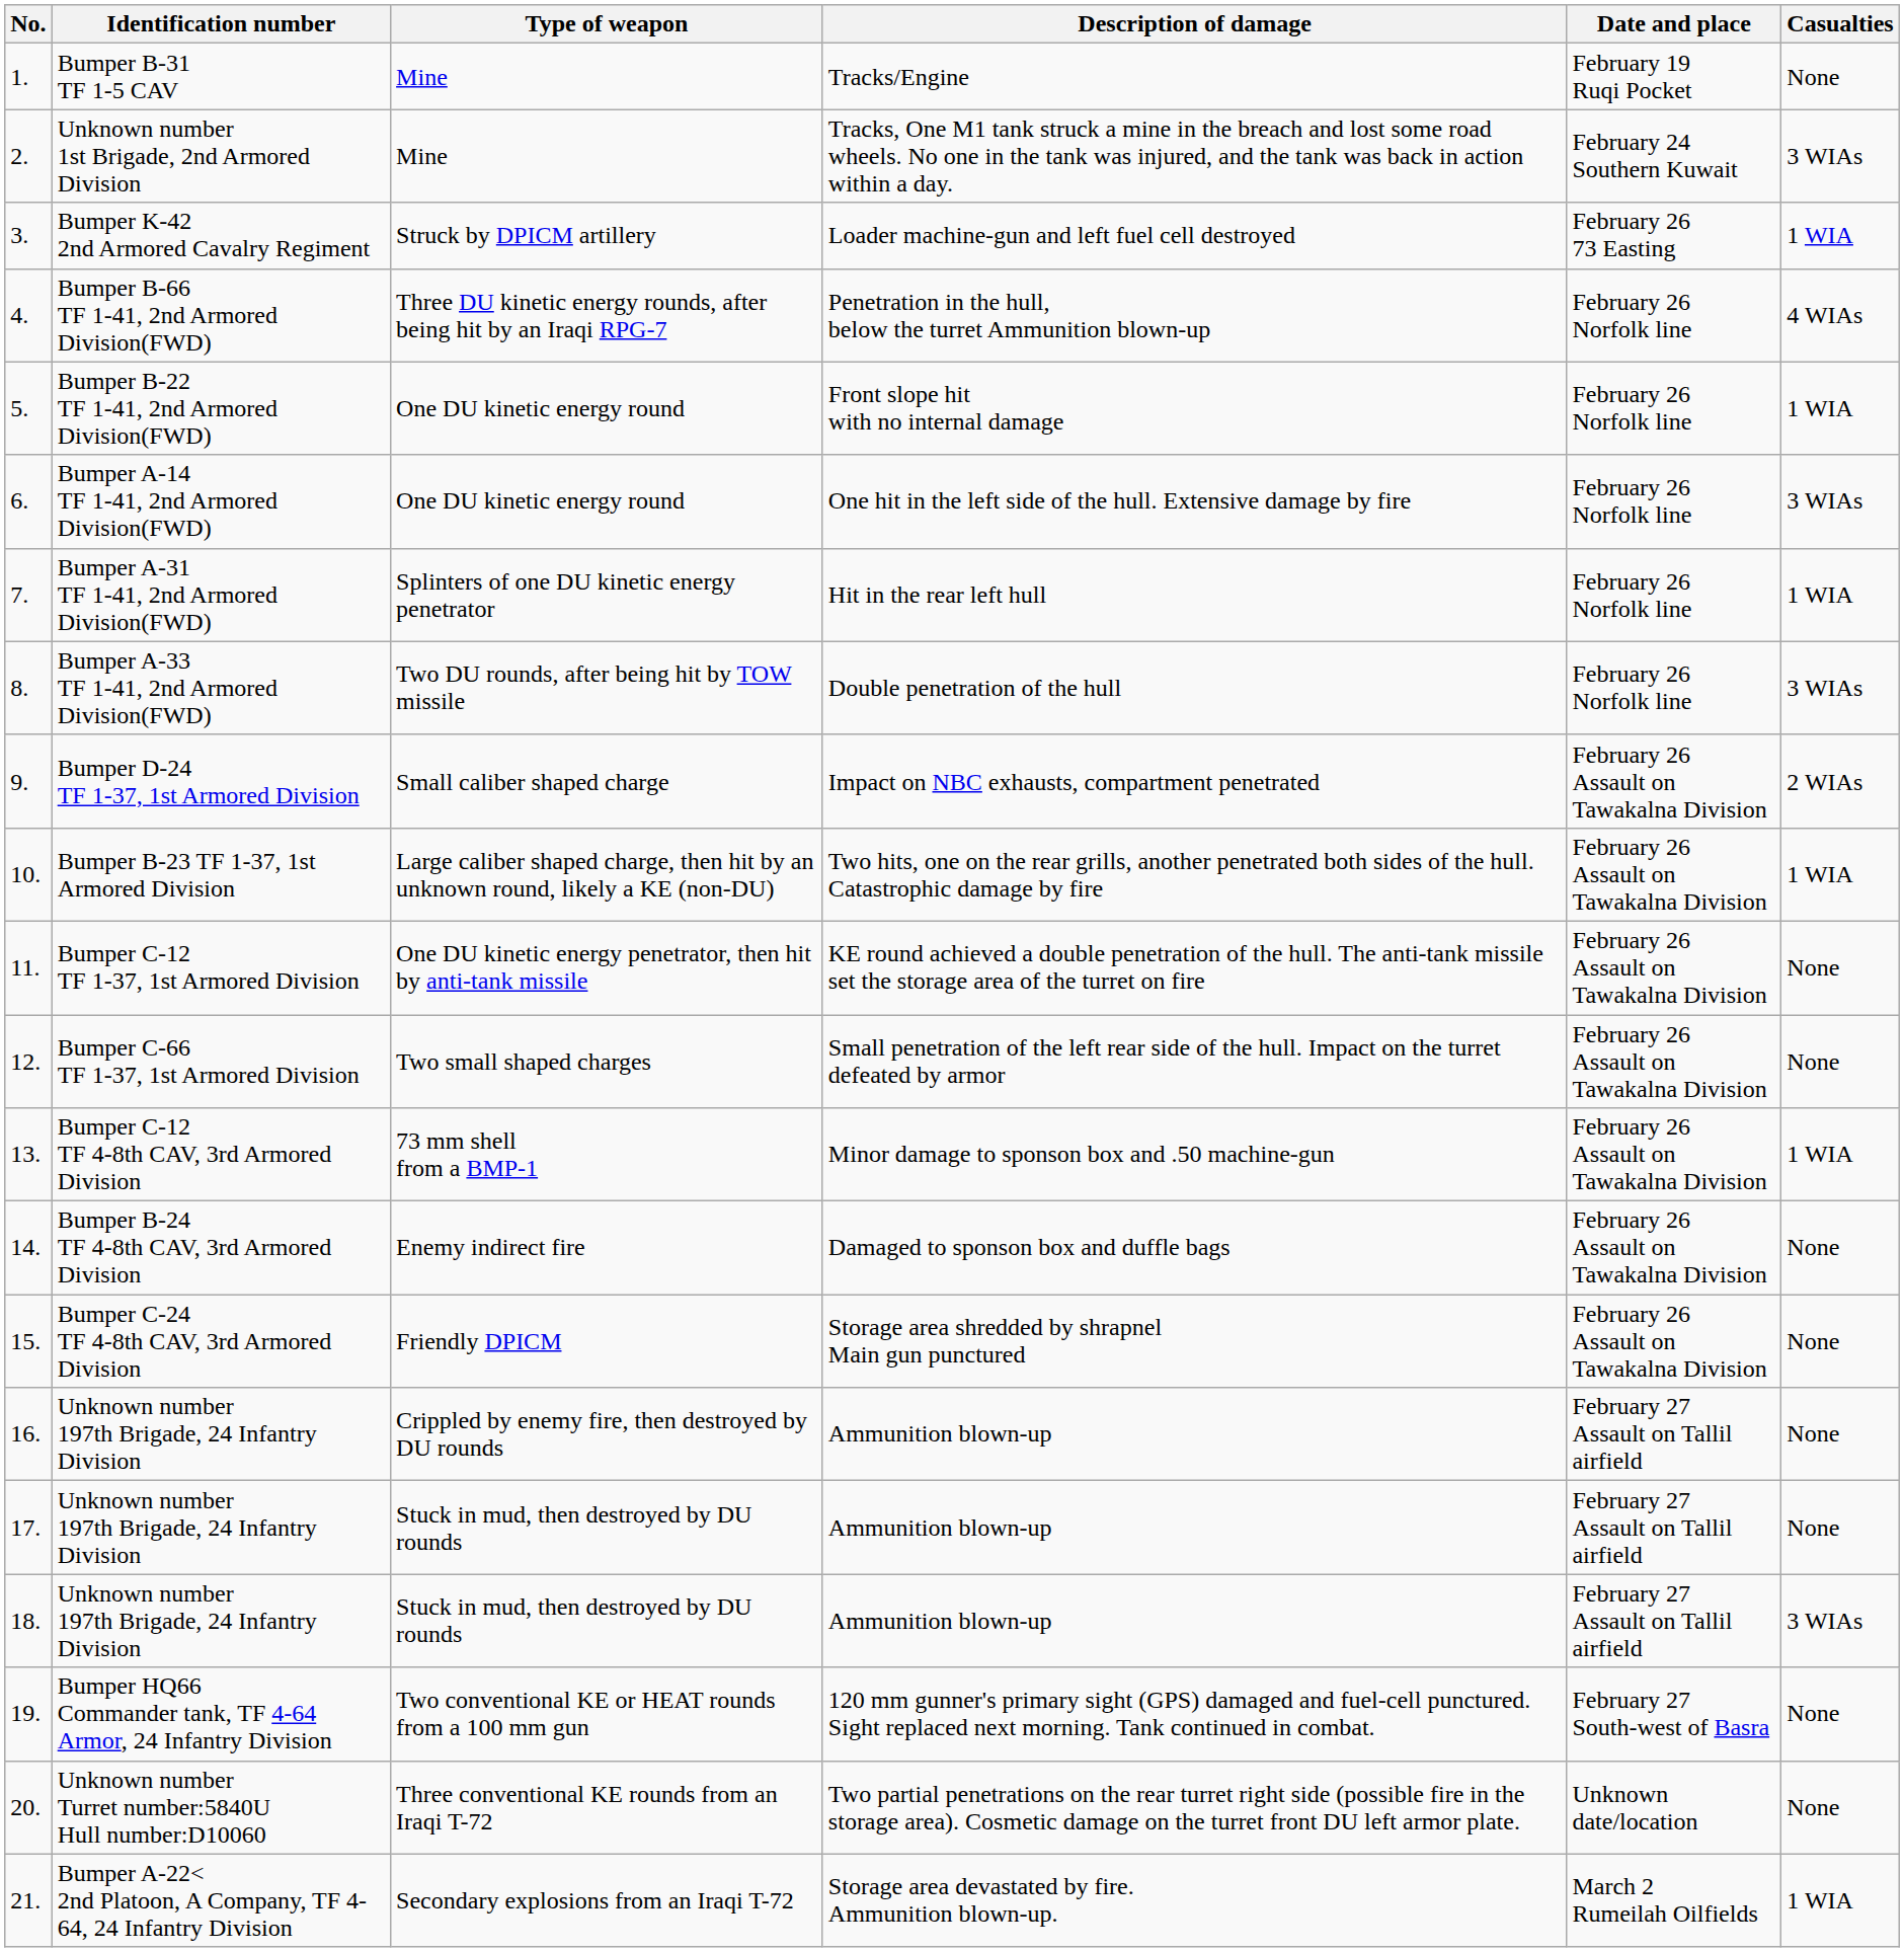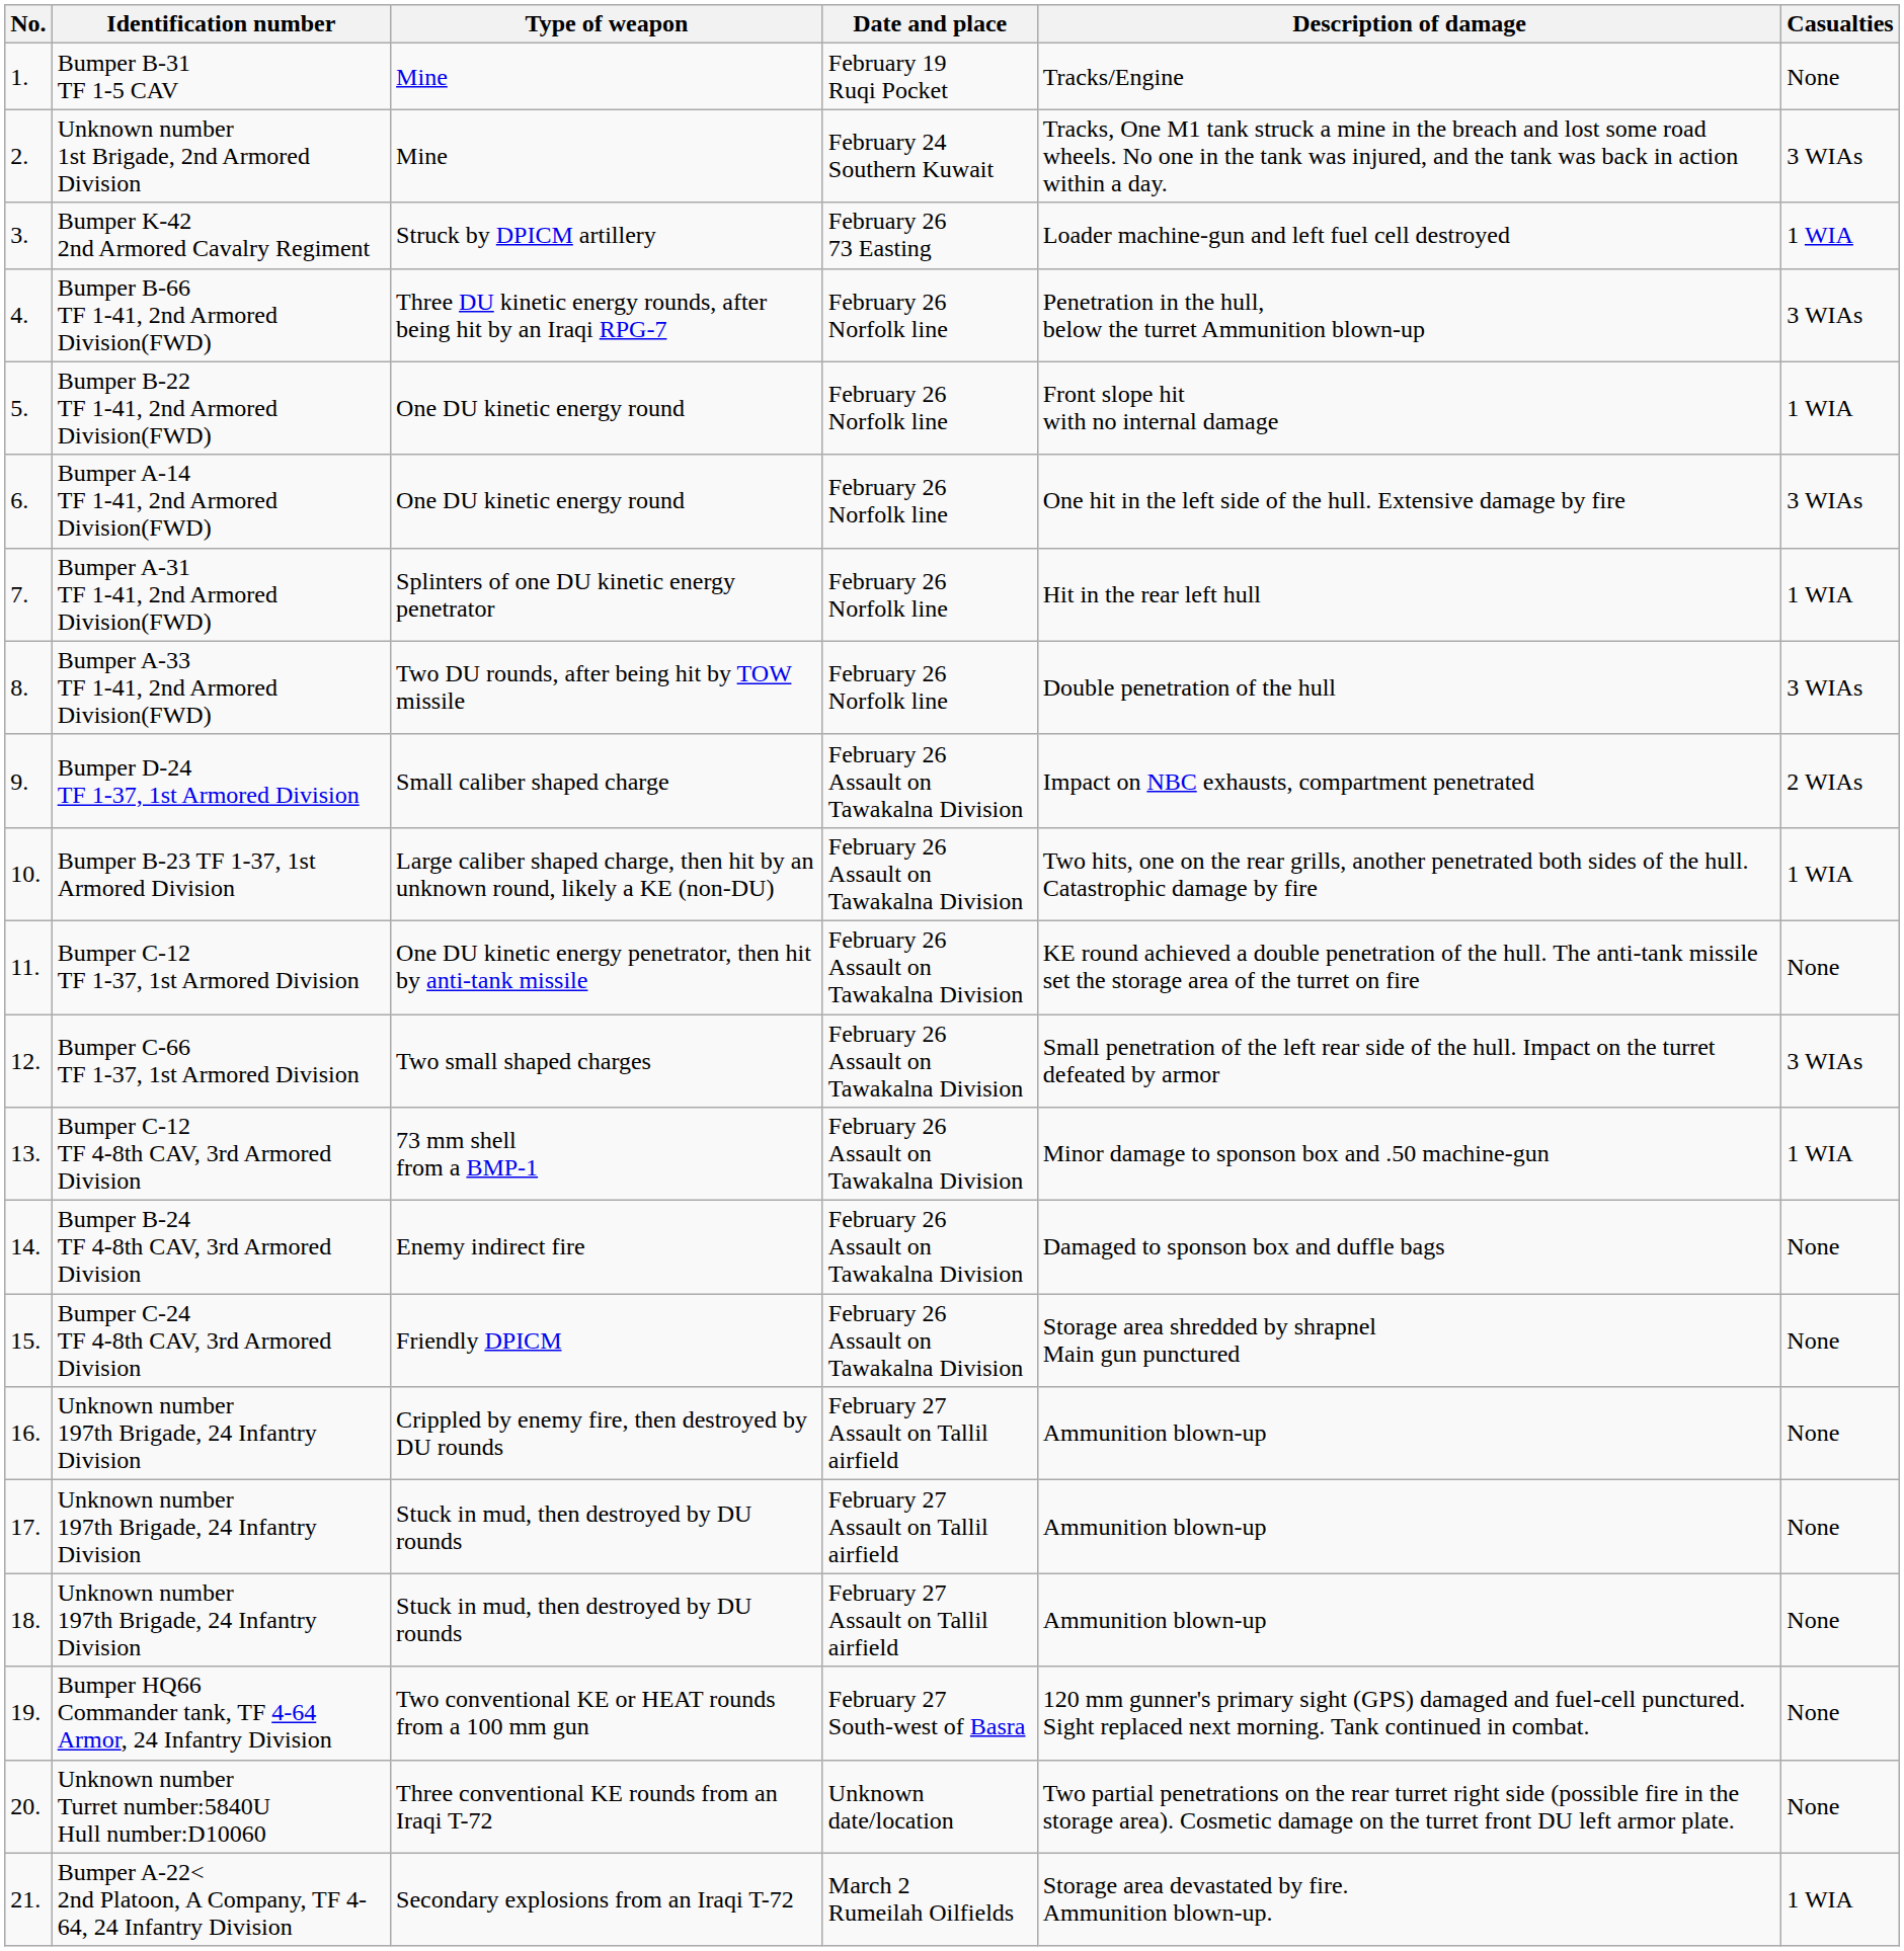 <table class="wikitable">
 <tr>
 <th>No.</th>
 <th>Identification number</th>
 <th>Type of weapon</th>
+<th>Date and place</th>
 <th>Description of damage</th>
-<th>Date and place</th>
 <th>Casualties</th>
 </tr>
 <tr>
 <td>1.</td>
 <td>Bumper B-31<br>TF 1-5 CAV</td>
 <td><a href='#'>Mine</a></td>
+<td>February 19<br>Ruqi Pocket</td>
 <td>Tracks/Engine</td>
-<td>February 19<br>Ruqi Pocket</td>
 <td>None</td>
 </tr>
 <tr>
 <td>2.</td>
 <td>Unknown number<br>1st Brigade, 2nd Armored Division</td>
 <td>Mine</td>
+<td>February 24<br>Southern Kuwait</td>
 <td>Tracks, One M1 tank struck a mine in the breach and lost some road wheels. No one in the tank was injured, and the tank was back in action within a day.</td>
-<td>February 24<br>Southern Kuwait</td>
 <td>3 WIAs</td>
 </tr>
 <tr>
 <td>3.</td>
 <td>Bumper K-42<br>2nd Armored Cavalry Regiment</td>
 <td>Struck by <a href='#'>DPICM</a> artillery</td>
+<td>February 26<br>73 Easting</td>
 <td>Loader machine-gun and left fuel cell destroyed</td>
-<td>February 26<br>73 Easting</td>
 <td>1 <a href='#'>WIA</a></td>
 </tr>
 <tr>
 <td>4.</td>
 <td>Bumper B-66<br>TF 1-41, 2nd Armored Division(FWD)</td>
 <td>Three <a href='#'>DU</a> kinetic energy rounds, after being hit by an Iraqi <a href='#'>RPG-7</a></td>
+<td>February 26<br>Norfolk line</td>
 <td>Penetration in the hull,<br>below the turret Ammunition blown-up</td>
-<td>February 26<br>Norfolk line</td>
-<td>4 WIAs</td>
+<td>3 WIAs</td>
 </tr>
 <tr>
 <td>5.</td>
 <td>Bumper B-22<br>TF 1-41, 2nd Armored Division(FWD)</td>
 <td>One DU kinetic energy round</td>
+<td>February 26<br>Norfolk line</td>
 <td>Front slope hit<br>with no internal damage</td>
-<td>February 26<br>Norfolk line</td>
 <td>1 WIA</td>
 </tr>
 <tr>
 <td>6.</td>
 <td>Bumper A-14<br>TF 1-41, 2nd Armored Division(FWD)</td>
 <td>One DU kinetic energy round</td>
+<td>February 26<br>Norfolk line</td>
 <td>One hit in the left side of the hull. Extensive damage by fire</td>
-<td>February 26<br>Norfolk line</td>
 <td>3 WIAs</td>
 </tr>
 <tr>
 <td>7.</td>
 <td>Bumper A-31<br>TF 1-41, 2nd Armored Division(FWD)</td>
 <td>Splinters of one DU kinetic energy penetrator</td>
+<td>February 26<br>Norfolk line</td>
 <td>Hit in the rear left hull</td>
-<td>February 26<br>Norfolk line</td>
 <td>1 WIA</td>
 </tr>
 <tr>
 <td>8.</td>
 <td>Bumper A-33<br>TF 1-41, 2nd Armored Division(FWD)</td>
 <td>Two DU rounds, after being hit by <a href='#'>TOW</a> missile</td>
+<td>February 26<br>Norfolk line</td>
 <td>Double penetration of the hull</td>
-<td>February 26<br>Norfolk line</td>
 <td>3 WIAs</td>
 </tr>
 <tr>
 <td>9.</td>
 <td>Bumper D-24<br><a href='#'>TF 1-37, 1st Armored Division</a></td>
 <td>Small caliber shaped charge</td>
+<td>February 26<br>Assault on Tawakalna Division</td>
 <td>Impact on <a href='#'>NBC</a> exhausts, compartment penetrated</td>
-<td>February 26<br>Assault on Tawakalna Division</td>
 <td>2 WIAs</td>
 </tr>
 <tr>
 <td>10.</td>
 <td>Bumper B-23 TF 1-37, 1st Armored Division</td>
 <td>Large caliber shaped charge, then hit by an unknown round, likely a KE (non-DU)</td>
+<td>February 26<br>Assault on Tawakalna Division</td>
 <td>Two hits, one on the rear grills, another penetrated both sides of the hull. Catastrophic damage by fire</td>
-<td>February 26<br>Assault on Tawakalna Division</td>
 <td>1 WIA</td>
 </tr>
 <tr>
 <td>11.</td>
 <td>Bumper C-12<br>TF 1-37, 1st Armored Division</td>
 <td>One DU kinetic energy penetrator, then hit by <a href='#'>anti-tank missile</a></td>
+<td>February 26<br>Assault on Tawakalna Division</td>
 <td>KE round achieved a double penetration of the hull. The anti-tank missile set the storage area of the turret on fire</td>
-<td>February 26<br>Assault on Tawakalna Division</td>
 <td>None</td>
 </tr>
 <tr>
 <td>12.</td>
 <td>Bumper C-66<br>TF 1-37, 1st Armored Division</td>
 <td>Two small shaped charges</td>
+<td>February 26<br>Assault on Tawakalna Division</td>
 <td>Small penetration of the left rear side of the hull. Impact on the turret defeated by armor</td>
-<td>February 26<br>Assault on Tawakalna Division</td>
-<td>None</td>
+<td>3 WIAs</td>
 </tr>
 <tr>
 <td>13.</td>
 <td>Bumper C-12<br>TF 4-8th CAV, 3rd Armored Division</td>
 <td>73 mm shell<br>from a <a href='#'>BMP-1</a></td>
+<td>February 26<br>Assault on Tawakalna Division</td>
 <td>Minor damage to sponson box and .50 machine-gun</td>
-<td>February 26<br>Assault on Tawakalna Division</td>
 <td>1 WIA</td>
 </tr>
 <tr>
 <td>14.</td>
 <td>Bumper  B-24<br>TF 4-8th CAV, 3rd Armored Division</td>
 <td>Enemy indirect fire</td>
+<td>February 26<br>Assault on Tawakalna Division</td>
 <td>Damaged to sponson box and duffle bags</td>
-<td>February 26<br>Assault on Tawakalna Division</td>
 <td>None</td>
 </tr>
 <tr>
 <td>15.</td>
 <td>Bumper C-24<br>TF 4-8th CAV, 3rd Armored Division</td>
 <td>Friendly <a href='#'>DPICM</a></td>
+<td>February 26<br>Assault on Tawakalna Division</td>
 <td>Storage area shredded by shrapnel<br>Main gun punctured</td>
-<td>February 26<br>Assault on Tawakalna Division</td>
 <td>None</td>
 </tr>
 <tr>
 <td>16.</td>
 <td>Unknown number<br>197th Brigade, 24 Infantry Division</td>
 <td>Crippled by enemy fire, then destroyed by DU rounds</td>
+<td>February 27<br>Assault on Tallil airfield</td>
 <td>Ammunition blown-up</td>
-<td>February 27<br>Assault on Tallil airfield</td>
 <td>None</td>
 </tr>
 <tr>
 <td>17.</td>
 <td>Unknown number<br>197th Brigade, 24 Infantry Division</td>
 <td>Stuck in mud, then destroyed by DU rounds</td>
+<td>February 27<br>Assault on Tallil airfield</td>
 <td>Ammunition blown-up</td>
-<td>February 27<br>Assault on Tallil airfield</td>
 <td>None</td>
 </tr>
 <tr>
 <td>18.</td>
 <td>Unknown number<br>197th Brigade, 24 Infantry Division</td>
 <td>Stuck in mud, then destroyed by DU rounds</td>
+<td>February 27<br>Assault on Tallil airfield</td>
 <td>Ammunition blown-up</td>
-<td>February 27<br>Assault on Tallil airfield</td>
-<td>3 WIAs</td>
+<td>None</td>
 </tr>
 <tr>
 <td>19.</td>
 <td>Bumper HQ66<br>Commander tank, TF <a href='#'>4-64 Armor</a>, 24 Infantry Division</td>
 <td>Two conventional KE or HEAT rounds from a 100 mm gun</td>
+<td>February 27<br>South-west of <a href='#'>Basra</a></td>
 <td>120 mm gunner's primary sight (GPS) damaged and fuel-cell punctured.  Sight replaced next morning. Tank continued in combat.</td>
-<td>February 27<br>South-west of <a href='#'>Basra</a></td>
 <td>None</td>
 </tr>
 <tr>
 <td>20.</td>
 <td>Unknown number<br>Turret number:5840U<br>Hull number:D10060</td>
 <td>Three conventional KE rounds from an Iraqi T-72</td>
+<td>Unknown date/location</td>
 <td>Two partial penetrations on the rear turret right side (possible fire in the storage area). Cosmetic damage on the turret front DU left armor plate.</td>
-<td>Unknown date/location</td>
 <td>None</td>
 </tr>
 <tr>
 <td>21.</td>
 <td>Bumper A-22<<br>2nd Platoon, A Company, TF  4-64, 24 Infantry Division</td>
 <td>Secondary explosions from an Iraqi T-72</td>
+<td>March 2<br>Rumeilah Oilfields</td>
 <td>Storage area devastated by fire.<br>Ammunition blown-up.</td>
-<td>March 2<br>Rumeilah Oilfields</td>
 <td>1 WIA</td>
 </tr>
 </table>
